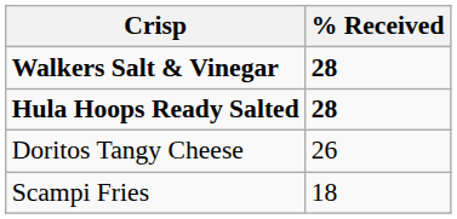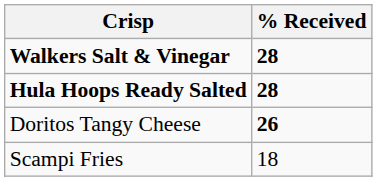 <table class="wikitable">
 <tr>
 <th>Crisp</th>
 <th>% Received</th>
 </tr>
 <tr>
 <td><strong>Walkers Salt & Vinegar</strong></td>
 <td><strong>28</strong></td>
 </tr>
 <tr>
 <td><strong>Hula Hoops Ready Salted</strong></td>
 <td><strong>28</strong></td>
 </tr>
 <tr>
 <td>Doritos Tangy Cheese</td>
-<td>26</td>
+<td><strong>26</strong></td>
 </tr>
 <tr>
 <td>Scampi Fries</td>
 <td>18</td>
 </tr>
 </table>
